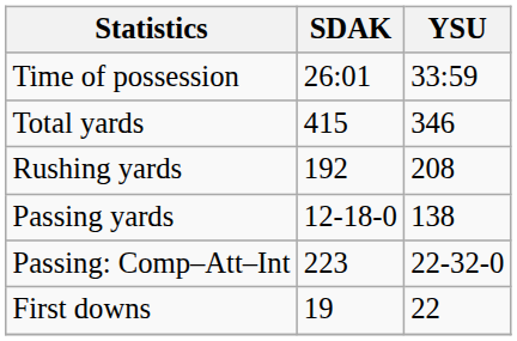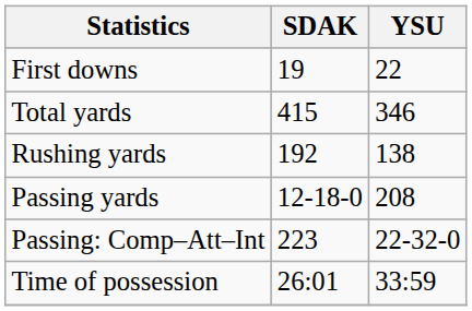 <table class="wikitable" style="float: left;">
 <tr>
 <th>Statistics</th>
 <th>SDAK</th>
 <th>YSU</th>
 </tr>
 <tr>
-<td>Time of possession</td>
-<td>26:01</td>
-<td>33:59</td>
+<td>First downs</td>
+<td>19</td>
+<td>22</td>
 </tr>
 <tr>
 <td>Total yards</td>
 <td>415</td>
 <td>346</td>
 </tr>
 <tr>
 <td>Rushing yards</td>
 <td>192</td>
-<td>208</td>
+<td>138</td>
 </tr>
 <tr>
 <td>Passing yards</td>
 <td>12-18-0</td>
-<td>138</td>
+<td>208</td>
 </tr>
 <tr>
 <td>Passing: Comp–Att–Int</td>
 <td>223</td>
 <td>22-32-0</td>
 </tr>
 <tr>
-<td>First downs</td>
-<td>19</td>
-<td>22</td>
+<td>Time of possession</td>
+<td>26:01</td>
+<td>33:59</td>
 </tr>
 <tr>
 </tr>
 </table>
